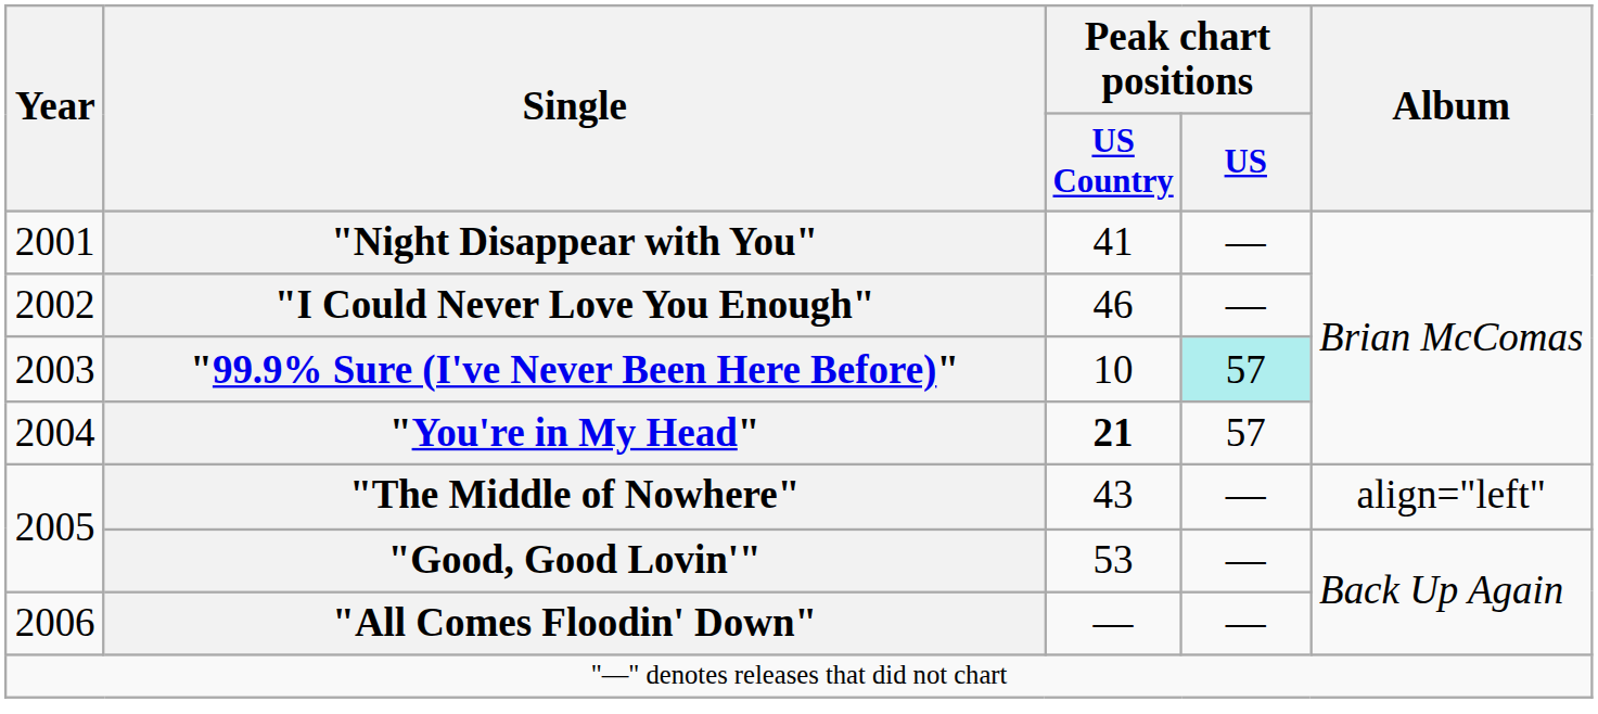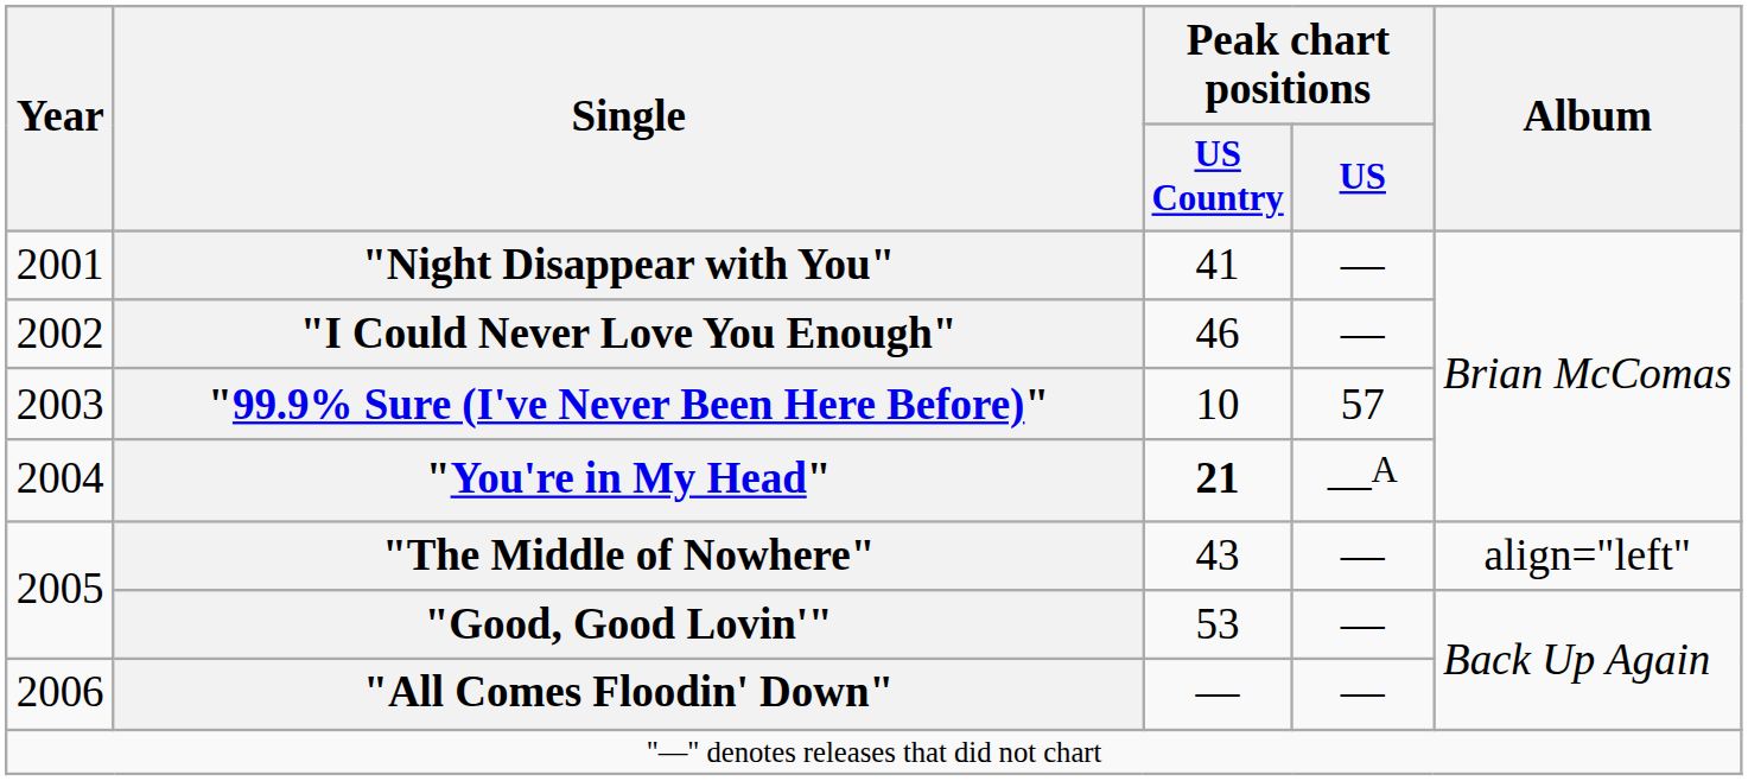 <table class="wikitable plainrowheaders" style="text-align:center;">
 <tr>
 <th rowspan="2">Year</th>
 <th rowspan="2" style="width:23em;">Single</th>
 <th colspan="2">Peak chart<br>positions</th>
 <th rowspan="2">Album</th>
 </tr>
 <tr style="font-size:smaller;">
 <th width="45"><a href='#'>US Country</a></th>
 <th width="45"><a href='#'>US</a></th>
 </tr>
 <tr>
 <td>2001</td>
 <th scope="row">"Night Disappear with You"</th>
 <td>41</td>
 <td>—</td>
 <td align="left" rowspan="4"><em>Brian McComas</em></td>
 </tr>
 <tr>
 <td>2002</td>
 <th scope="row">"I Could Never Love You Enough"</th>
 <td>46</td>
 <td>—</td>
 </tr>
 <tr>
 <td>2003</td>
 <th scope="row">"<a href='#'>99.9% Sure (I've Never Been Here Before)</a>"</th>
 <td>10</td>
-<td style="background: paleturquoise;">57</td>
+<td>57</td>
 </tr>
 <tr>
 <td>2004</td>
 <th scope="row">"<a href='#'>You're in My Head</a>"</th>
 <td><strong>21</strong></td>
-<td>57</td>
+<td>—<sup>A</sup></td>
 </tr>
 <tr>
 <td rowspan="2">2005</td>
 <th scope="row">"The Middle of Nowhere"</th>
 <td>43</td>
 <td>—</td>
 <td>align="left" </td>
 </tr>
 <tr>
 <th scope="row">"Good, Good Lovin'"</th>
 <td>53</td>
 <td>—</td>
 <td align="left" rowspan="2"><em>Back Up Again</em></td>
 </tr>
 <tr>
 <td>2006</td>
 <th scope="row">"All Comes Floodin' Down"</th>
 <td>—</td>
 <td>—</td>
 </tr>
 <tr>
 <td colspan="5" style="font-size:8pt">"—" denotes releases that did not chart</td>
 </tr>
 </table>
